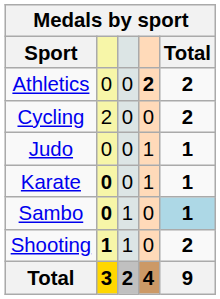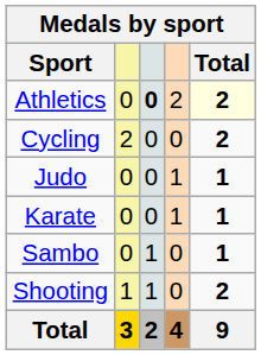 <table class="wikitable" style="text-align:center;font-size:85%;float:right;clear:right;">
 <tr style="background:#efefef;">
 <th colspan=5>Medals by sport</th>
 </tr>
 <tr>
 <th>Sport</th>
 <td bgcolor=#f7f6a8></td>
 <td bgcolor=#dce5e5></td>
 <td bgcolor=#ffdab9></td>
 <th>Total</th>
 </tr>
 <tr>
 <td><a href='#'>Athletics</a></td>
 <td bgcolor=F7F6A8>0</td>
-<td bgcolor=DCE5E5>0</td>
-<td bgcolor=FFDAB9><strong>2</strong></td>
-<td><strong>2</strong></td>
+<td bgcolor=DCE5E5><strong>0</strong></td>
+<td bgcolor=FFDAB9>2</td>
+<td style="background: lightyellow;"><strong>2</strong></td>
 </tr>
 <tr>
 <td><a href='#'>Cycling</a></td>
 <td bgcolor=F7F6A8>2</td>
 <td bgcolor=DCE5E5>0</td>
 <td bgcolor=FFDAB9>0</td>
 <td><strong>2</strong></td>
 </tr>
 <tr>
 <td><a href='#'>Judo</a></td>
 <td bgcolor=F7F6A8>0</td>
 <td bgcolor=DCE5E5>0</td>
 <td bgcolor=FFDAB9>1</td>
 <td><strong>1</strong></td>
 </tr>
 <tr>
 <td><a href='#'>Karate</a></td>
-<td bgcolor=F7F6A8><strong>0</strong></td>
+<td bgcolor=F7F6A8>0</td>
 <td bgcolor=DCE5E5>0</td>
 <td bgcolor=FFDAB9>1</td>
 <td><strong>1</strong></td>
 </tr>
 <tr>
 <td><a href='#'>Sambo</a></td>
-<td bgcolor=F7F6A8><strong>0</strong></td>
+<td bgcolor=F7F6A8>0</td>
 <td bgcolor=DCE5E5>1</td>
 <td bgcolor=FFDAB9>0</td>
-<td style="background: lightblue;"><strong>1</strong></td>
+<td><strong>1</strong></td>
 </tr>
 <tr>
 <td><a href='#'>Shooting</a></td>
-<td bgcolor=F7F6A8><strong>1</strong></td>
+<td bgcolor=F7F6A8>1</td>
 <td bgcolor=DCE5E5>1</td>
 <td bgcolor=FFDAB9>0</td>
 <td><strong>2</strong></td>
 </tr>
 <tr>
 <th>Total</th>
 <th style="background:gold;">3</th>
 <th style="background:silver;">2</th>
 <th style="background:#c96;">4</th>
 <th><strong>9</strong></th>
 </tr>
 </table>
